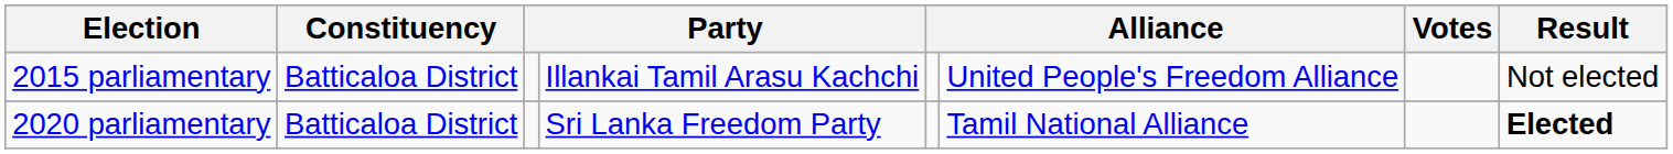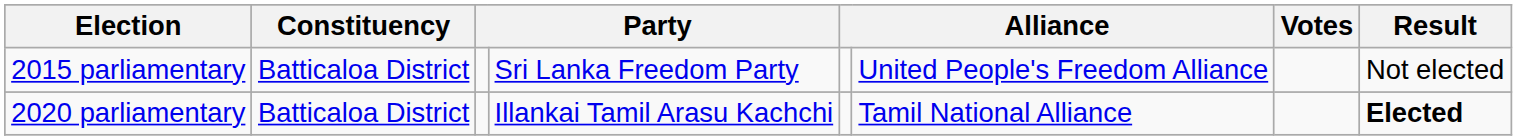 <table class="wikitable" style="text-align:left;">
 <tr>
 <th scope=col>Election</th>
 <th scope=col>Constituency</th>
 <th scope=col colspan="2">Party</th>
 <th scope=col colspan="2">Alliance</th>
 <th scope=col>Votes</th>
 <th scope=col>Result</th>
 </tr>
 <tr>
 <td><a href='#'>2015 parliamentary</a></td>
 <td><a href='#'>Batticaloa District</a></td>
 <td style="background:"></td>
-<td><a href='#'>Illankai Tamil Arasu Kachchi</a></td>
+<td><a href='#'>Sri Lanka Freedom Party</a></td>
 <td style="background:"></td>
 <td><a href='#'>United People's Freedom Alliance</a></td>
 <td align=right></td>
 <td>Not elected</td>
 </tr>
 <tr>
 <td><a href='#'>2020 parliamentary</a></td>
 <td><a href='#'>Batticaloa District</a></td>
 <td style="background:"></td>
-<td><a href='#'>Sri Lanka Freedom Party</a></td>
+<td><a href='#'>Illankai Tamil Arasu Kachchi</a></td>
 <td style="background:"></td>
 <td><a href='#'>Tamil National Alliance</a></td>
 <td align=right></td>
 <td><strong>Elected</strong></td>
 </tr>
 </table>
